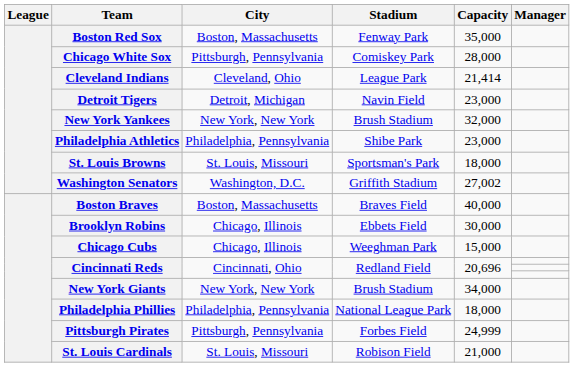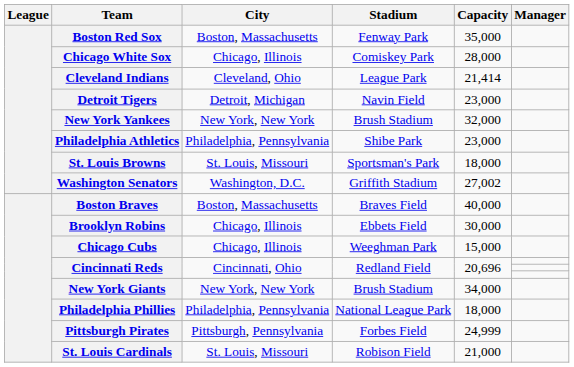 <table class="wikitable sortable plainrowheaders" style="text-align:center;">
 <tr>
 <th scope="col">League</th>
 <th scope="col">Team</th>
 <th scope="col">City</th>
 <th scope="col">Stadium</th>
 <th scope="col">Capacity</th>
 <th scope="col">Manager</th>
 </tr>
 <tr>
 <th rowspan="8"></th>
 <th scope="row"><a href='#'>Boston Red Sox</a></th>
 <td><a href='#'>Boston</a>, <a href='#'>Massachusetts</a></td>
 <td><a href='#'>Fenway Park</a></td>
 <td>35,000</td>
 <td></td>
 </tr>
 <tr>
 <th scope="row"><a href='#'>Chicago White Sox</a></th>
-<td><a href='#'>Pittsburgh</a>, <a href='#'>Pennsylvania</a></td>
+<td><a href='#'>Chicago</a>, <a href='#'>Illinois</a></td>
 <td><a href='#'>Comiskey Park</a></td>
 <td>28,000</td>
 <td></td>
 </tr>
 <tr>
 <th scope="row"><a href='#'>Cleveland Indians</a></th>
 <td><a href='#'>Cleveland</a>, <a href='#'>Ohio</a></td>
 <td><a href='#'>League Park</a></td>
 <td>21,414</td>
 <td></td>
 </tr>
 <tr>
 <th scope="row"><a href='#'>Detroit Tigers</a></th>
 <td><a href='#'>Detroit</a>, <a href='#'>Michigan</a></td>
 <td><a href='#'>Navin Field</a></td>
 <td>23,000</td>
 <td></td>
 </tr>
 <tr>
 <th scope="row"><a href='#'>New York Yankees</a></th>
 <td><a href='#'>New York</a>, <a href='#'>New York</a></td>
 <td><a href='#'>Brush Stadium</a></td>
 <td>32,000</td>
 <td></td>
 </tr>
 <tr>
 <th scope="row"><a href='#'>Philadelphia Athletics</a></th>
 <td><a href='#'>Philadelphia</a>, <a href='#'>Pennsylvania</a></td>
 <td><a href='#'>Shibe Park</a></td>
 <td>23,000</td>
 <td></td>
 </tr>
 <tr>
 <th scope="row"><a href='#'>St. Louis Browns</a></th>
 <td><a href='#'>St. Louis</a>, <a href='#'>Missouri</a></td>
 <td><a href='#'>Sportsman's Park</a></td>
 <td>18,000</td>
 <td></td>
 </tr>
 <tr>
 <th scope="row"><a href='#'>Washington Senators</a></th>
 <td><a href='#'>Washington, D.C.</a></td>
 <td><a href='#'>Griffith Stadium</a></td>
 <td>27,002</td>
 <td></td>
 </tr>
 <tr>
 <th rowspan="10"></th>
 <th scope="row"><a href='#'>Boston Braves</a></th>
 <td><a href='#'>Boston</a>, <a href='#'>Massachusetts</a></td>
 <td><a href='#'>Braves Field</a></td>
 <td>40,000</td>
 <td></td>
 </tr>
 <tr>
 <th scope="row"><a href='#'>Brooklyn Robins</a></th>
 <td><a href='#'>Chicago</a>, <a href='#'>Illinois</a></td>
 <td><a href='#'>Ebbets Field</a></td>
 <td>30,000</td>
 <td></td>
 </tr>
 <tr>
 <th scope="row"><a href='#'>Chicago Cubs</a></th>
 <td><a href='#'>Chicago</a>, <a href='#'>Illinois</a></td>
 <td><a href='#'>Weeghman Park</a></td>
 <td>15,000</td>
 <td></td>
 </tr>
 <tr>
 <th rowspan="3" scope="row"><a href='#'>Cincinnati Reds</a></th>
 <td rowspan="3"><a href='#'>Cincinnati</a>, <a href='#'>Ohio</a></td>
 <td rowspan="3"><a href='#'>Redland Field</a></td>
 <td rowspan="3">20,696</td>
 <td></td>
 </tr>
 <tr>
 <td></td>
 </tr>
 <tr>
 <td></td>
 </tr>
 <tr>
 <th scope="row"><a href='#'>New York Giants</a></th>
 <td><a href='#'>New York</a>, <a href='#'>New York</a></td>
 <td><a href='#'>Brush Stadium</a></td>
 <td>34,000</td>
 <td></td>
 </tr>
 <tr>
 <th scope="row"><a href='#'>Philadelphia Phillies</a></th>
 <td><a href='#'>Philadelphia</a>, <a href='#'>Pennsylvania</a></td>
 <td><a href='#'>National League Park</a></td>
 <td>18,000</td>
 <td></td>
 </tr>
 <tr>
 <th scope="row"><a href='#'>Pittsburgh Pirates</a></th>
 <td><a href='#'>Pittsburgh</a>, <a href='#'>Pennsylvania</a></td>
 <td><a href='#'>Forbes Field</a></td>
 <td>24,999</td>
 <td></td>
 </tr>
 <tr>
 <th scope="row"><a href='#'>St. Louis Cardinals</a></th>
 <td><a href='#'>St. Louis</a>, <a href='#'>Missouri</a></td>
 <td><a href='#'>Robison Field</a></td>
 <td>21,000</td>
 <td></td>
 </tr>
 </table>
